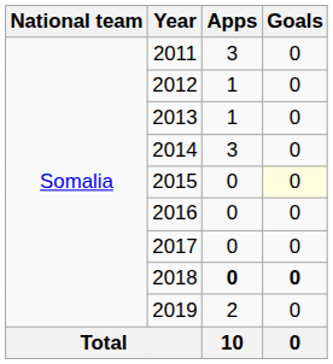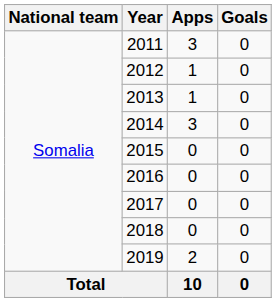 <table class="wikitable" style="text-align:center">
 <tr>
 <th>National team</th>
 <th>Year</th>
 <th>Apps</th>
 <th>Goals</th>
 </tr>
 <tr>
 <td rowspan="9"><a href='#'>Somalia</a></td>
 <td>2011</td>
 <td>3</td>
 <td>0</td>
 </tr>
 <tr>
 <td>2012</td>
 <td>1</td>
 <td>0</td>
 </tr>
 <tr>
 <td>2013</td>
 <td>1</td>
 <td>0</td>
 </tr>
 <tr>
 <td>2014</td>
 <td>3</td>
 <td>0</td>
 </tr>
 <tr>
 <td>2015</td>
 <td>0</td>
-<td style="background: lightyellow;">0</td>
+<td>0</td>
 </tr>
 <tr>
 <td>2016</td>
 <td>0</td>
 <td>0</td>
 </tr>
 <tr>
 <td>2017</td>
 <td>0</td>
 <td>0</td>
 </tr>
 <tr>
 <td>2018</td>
-<td><strong>0</strong></td>
-<td><strong>0</strong></td>
+<td>0</td>
+<td>0</td>
 </tr>
 <tr>
 <td>2019</td>
 <td>2</td>
 <td>0</td>
 </tr>
 <tr>
 <th colspan=2>Total</th>
 <th>10</th>
 <th>0</th>
 </tr>
 </table>
